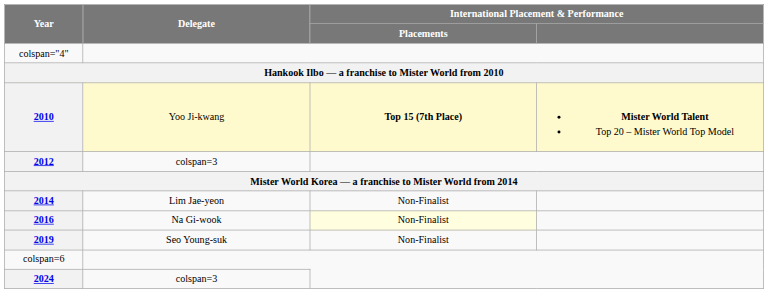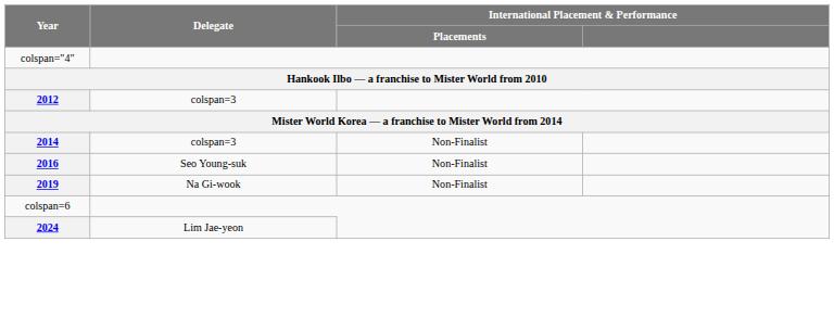 <table class="wikitable" style="text-align:center; line-height:20px; font-size:85%;">
 <tr>
 <th rowspan="2"  width=100px style="background-color:#787878;color:#FFFFFF;">Year</th>
 <th rowspan="2"  width=300px style="background-color:#787878;color:#FFFFFF;">Delegate</th>
 <th colspan="2"  width=100px style="background-color:#787878;color:#FFFFFF;">International Placement & Performance</th>
 </tr>
 <tr>
 <th width=300px style="background-color:#787878;color:#FFFFFF;">Placements</th>
 <th width=300px style="background-color:#787878;color:#FFFFFF;"></th>
 </tr>
 <tr>
 <td>colspan="4"</td>
 </tr>
 <tr>
 <th colspan="4">Hankook Ilbo — a franchise to  Mister World from 2010</th>
 </tr>
-<tr style="background-color:#FFFACD; ">
-<th><a href='#'>2010</a></th>
-<td>Yoo Ji-kwang</td>
-<td><strong>Top 15 (7th Place)</strong></td>
-<td><br><ul><li><strong>Mister World Talent</strong></li><li>Top 20 – Mister World Top Model</li></ul></td>
-</tr>
 <tr>
 <th><a href='#'>2012</a></th>
 <td>colspan=3 </td>
 </tr>
 <tr>
 <th colspan="4">Mister World Korea — a franchise to  Mister World from 2014</th>
 </tr>
 <tr>
 <th><a href='#'>2014</a></th>
-<td>Lim Jae-yeon</td>
+<td>colspan=3 </td>
 <td>Non-Finalist</td>
 <td></td>
 </tr>
 <tr>
 <th><a href='#'>2016</a></th>
-<td>Na Gi-wook</td>
-<td style="background: lightyellow;">Non-Finalist</td>
+<td>Seo Young-suk </td>
+<td>Non-Finalist</td>
 <td></td>
 </tr>
 <tr>
 <th><a href='#'>2019</a></th>
-<td>Seo Young-suk </td>
+<td>Na Gi-wook</td>
 <td>Non-Finalist</td>
 <td></td>
 </tr>
 <tr>
 <td>colspan=6 </td>
 </tr>
 <tr>
 <th><a href='#'>2024</a></th>
-<td>colspan=3 </td>
+<td>Lim Jae-yeon</td>
 </tr>
 </table>
